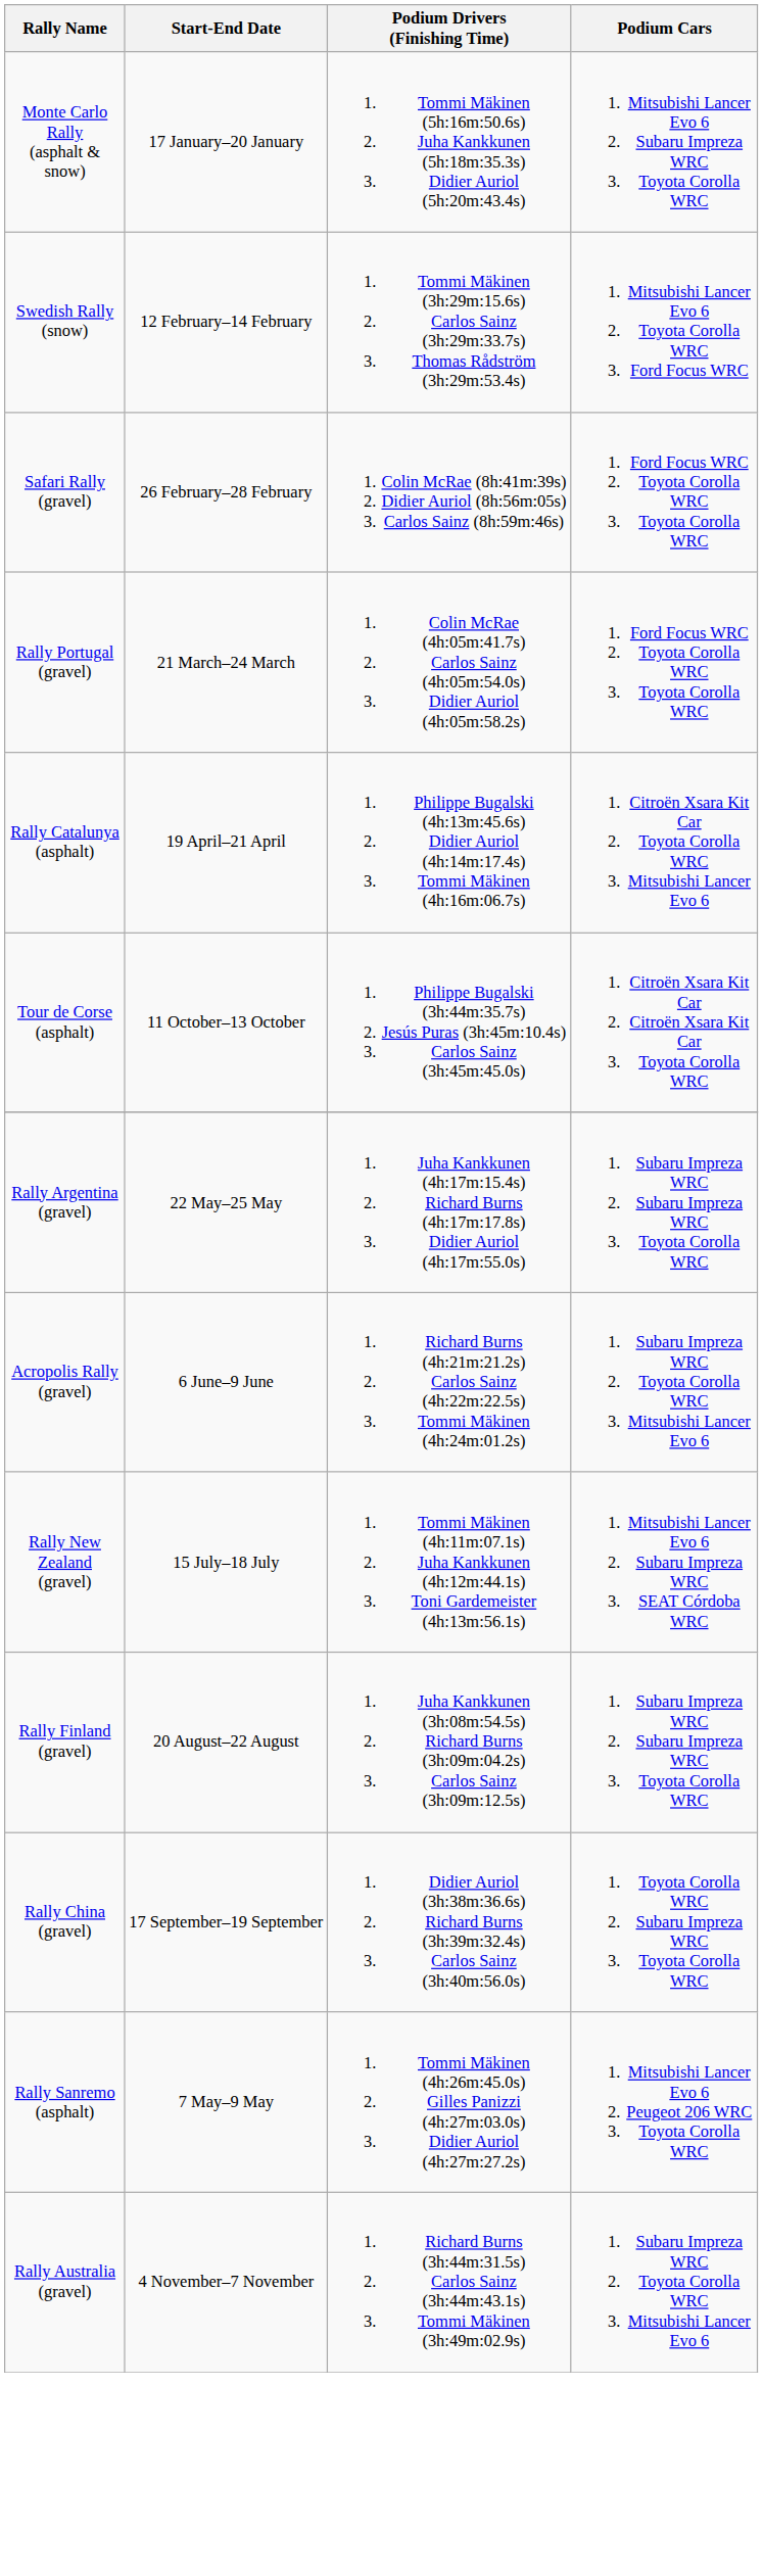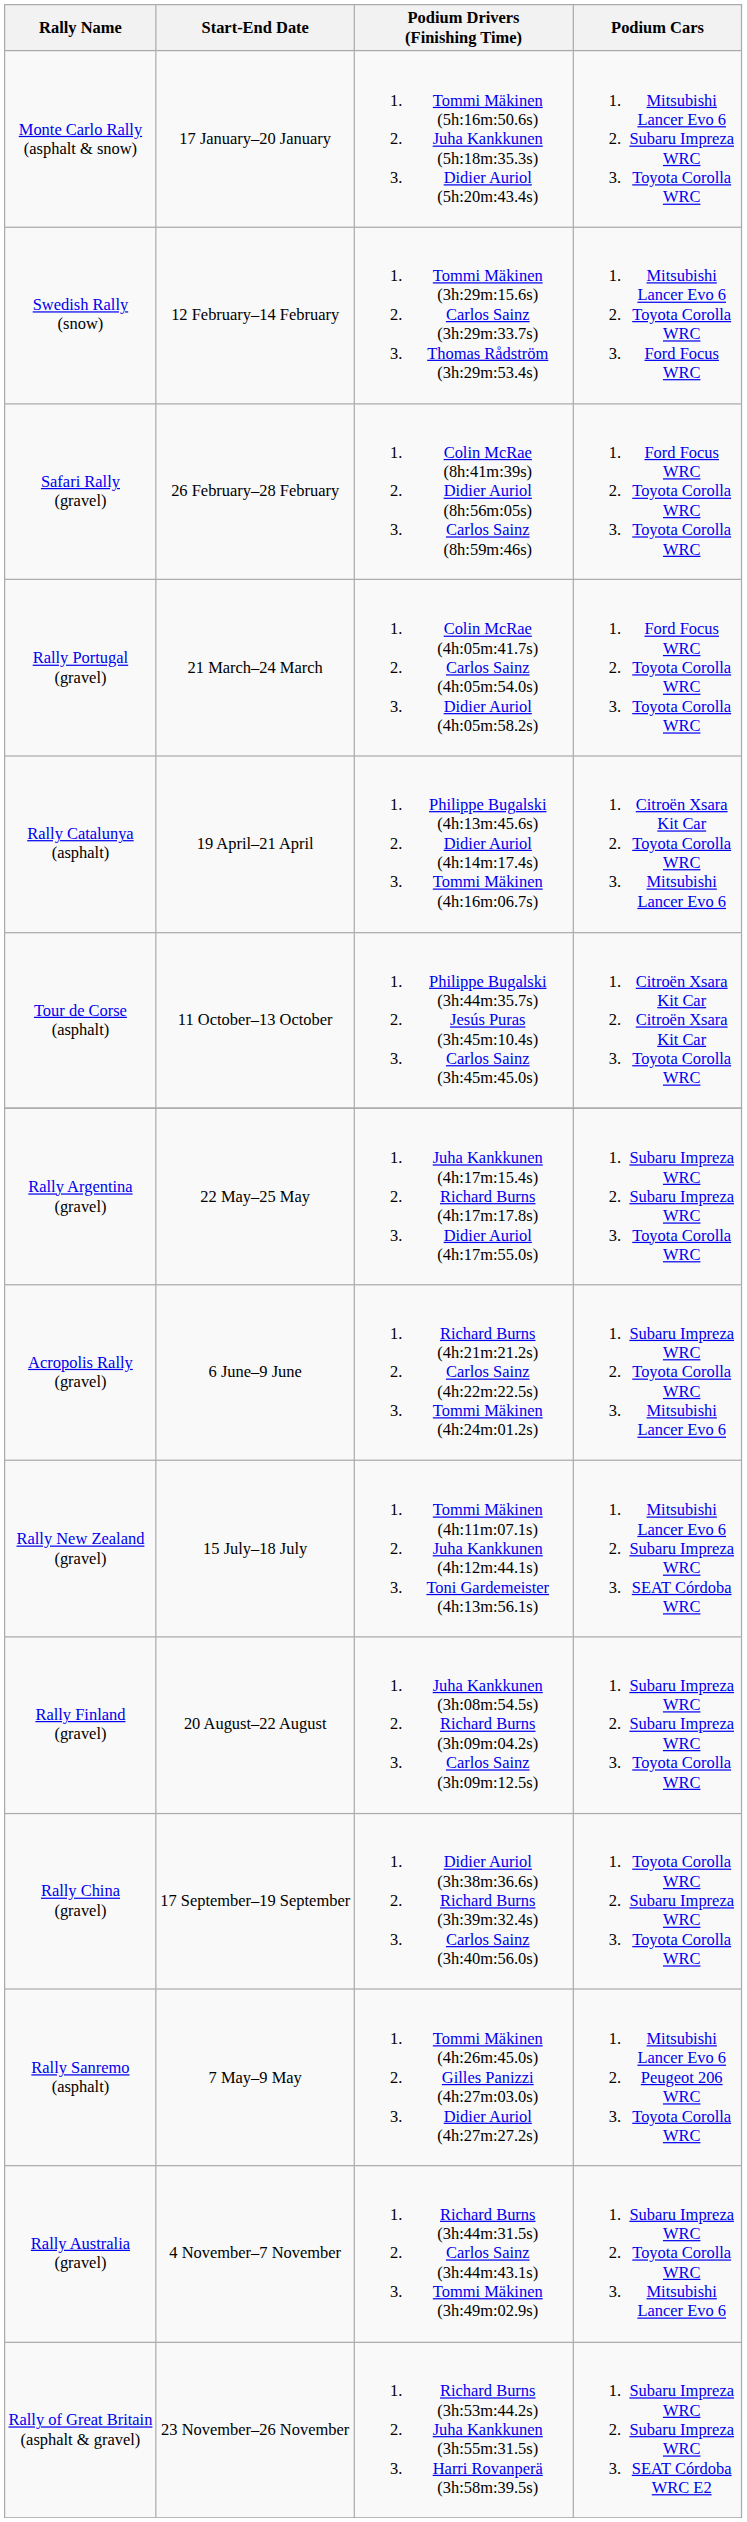 <table class="wikitable" style="font-size: 85%; text-align: center;">
 <tr style="background:#efefef;">
 <th colspan=1 width=20%>Rally Name</th>
 <th colspan=1 width=10%>Start-End Date</th>
 <th colspan=1 width=40%>Podium Drivers <br>(Finishing Time)</th>
 <th colspan=1 width=30%>Podium Cars</th>
 </tr>
 <tr>
 <td> <a href='#'>Monte Carlo Rally</a><br>(asphalt & snow)</td>
 <td>17 January–20 January</td>
 <td><br><ol><li> <a href='#'>Tommi Mäkinen</a> (5h:16m:50.6s)</li><li> <a href='#'>Juha Kankkunen</a> (5h:18m:35.3s)</li><li> <a href='#'>Didier Auriol</a> (5h:20m:43.4s)</li></ol></td>
 <td><br><ol><li><a href='#'>Mitsubishi Lancer Evo 6</a></li><li><a href='#'>Subaru Impreza WRC</a></li><li><a href='#'>Toyota Corolla WRC</a></li></ol></td>
 </tr>
 <tr>
 <td> <a href='#'>Swedish Rally</a><br>(snow)</td>
 <td>12 February–14 February</td>
 <td><br><ol><li> <a href='#'>Tommi Mäkinen</a> (3h:29m:15.6s)</li><li> <a href='#'>Carlos Sainz</a> (3h:29m:33.7s)</li><li> <a href='#'>Thomas Rådström</a> (3h:29m:53.4s)</li></ol></td>
 <td><br><ol><li><a href='#'>Mitsubishi Lancer Evo 6</a></li><li><a href='#'>Toyota Corolla WRC</a></li><li><a href='#'>Ford Focus WRC</a></li></ol></td>
 </tr>
 <tr>
 <td> <a href='#'>Safari Rally</a><br>(gravel)</td>
 <td>26 February–28 February</td>
 <td><br><ol><li> <a href='#'>Colin McRae</a> (8h:41m:39s)</li><li> <a href='#'>Didier Auriol</a> (8h:56m:05s)</li><li> <a href='#'>Carlos Sainz</a> (8h:59m:46s)</li></ol></td>
 <td><br><ol><li><a href='#'>Ford Focus WRC</a></li><li><a href='#'>Toyota Corolla WRC</a></li><li><a href='#'>Toyota Corolla WRC</a></li></ol></td>
 </tr>
 <tr>
 <td> <a href='#'>Rally Portugal</a><br>(gravel)</td>
 <td>21 March–24 March</td>
 <td><br><ol><li> <a href='#'>Colin McRae</a> (4h:05m:41.7s)</li><li> <a href='#'>Carlos Sainz</a> (4h:05m:54.0s)</li><li> <a href='#'>Didier Auriol</a> (4h:05m:58.2s)</li></ol></td>
 <td><br><ol><li><a href='#'>Ford Focus WRC</a></li><li><a href='#'>Toyota Corolla WRC</a></li><li><a href='#'>Toyota Corolla WRC</a></li></ol></td>
 </tr>
 <tr>
 <td> <a href='#'>Rally Catalunya</a><br>(asphalt)</td>
 <td>19 April–21 April</td>
 <td><br><ol><li> <a href='#'>Philippe Bugalski</a> (4h:13m:45.6s)</li><li> <a href='#'>Didier Auriol</a> (4h:14m:17.4s)</li><li> <a href='#'>Tommi Mäkinen</a> (4h:16m:06.7s)</li></ol></td>
 <td><br><ol><li><a href='#'>Citroën Xsara Kit Car</a></li><li><a href='#'>Toyota Corolla WRC</a></li><li><a href='#'>Mitsubishi Lancer Evo 6</a></li></ol></td>
 </tr>
 <tr>
 <td> <a href='#'>Tour de Corse</a><br>(asphalt)</td>
 <td>11 October–13 October</td>
 <td><br><ol><li> <a href='#'>Philippe Bugalski</a> (3h:44m:35.7s)</li><li> <a href='#'>Jesús Puras</a> (3h:45m:10.4s)</li><li> <a href='#'>Carlos Sainz</a> (3h:45m:45.0s)</li></ol></td>
 <td><br><ol><li><a href='#'>Citroën Xsara Kit Car</a></li><li><a href='#'>Citroën Xsara Kit Car</a></li><li><a href='#'>Toyota Corolla WRC</a></li></ol></td>
 </tr>
 <tr>
 </tr>
 <tr>
 <td> <a href='#'>Rally Argentina</a><br>(gravel)</td>
 <td>22 May–25 May</td>
 <td><br><ol><li> <a href='#'>Juha Kankkunen</a> (4h:17m:15.4s)</li><li> <a href='#'>Richard Burns</a> (4h:17m:17.8s)</li><li> <a href='#'>Didier Auriol</a> (4h:17m:55.0s)</li></ol></td>
 <td><br><ol><li><a href='#'>Subaru Impreza WRC</a></li><li><a href='#'>Subaru Impreza WRC</a></li><li><a href='#'>Toyota Corolla WRC</a></li></ol></td>
 </tr>
 <tr>
 <td> <a href='#'>Acropolis Rally</a><br>(gravel)</td>
 <td>6 June–9 June</td>
 <td><br><ol><li> <a href='#'>Richard Burns</a> (4h:21m:21.2s)</li><li> <a href='#'>Carlos Sainz</a> (4h:22m:22.5s)</li><li> <a href='#'>Tommi Mäkinen</a> (4h:24m:01.2s)</li></ol></td>
 <td><br><ol><li><a href='#'>Subaru Impreza WRC</a></li><li><a href='#'>Toyota Corolla WRC</a></li><li><a href='#'>Mitsubishi Lancer Evo 6</a></li></ol></td>
 </tr>
 <tr>
 <td> <a href='#'>Rally New Zealand</a><br>(gravel)</td>
 <td>15 July–18 July</td>
 <td><br><ol><li> <a href='#'>Tommi Mäkinen</a> (4h:11m:07.1s)</li><li> <a href='#'>Juha Kankkunen</a> (4h:12m:44.1s)</li><li> <a href='#'>Toni Gardemeister</a> (4h:13m:56.1s)</li></ol></td>
 <td><br><ol><li><a href='#'>Mitsubishi Lancer Evo 6</a></li><li><a href='#'>Subaru Impreza WRC</a></li><li><a href='#'>SEAT Córdoba WRC</a></li></ol></td>
 </tr>
 <tr>
 <td> <a href='#'>Rally Finland</a><br>(gravel)</td>
 <td>20 August–22 August</td>
 <td><br><ol><li> <a href='#'>Juha Kankkunen</a> (3h:08m:54.5s)</li><li> <a href='#'>Richard Burns</a> (3h:09m:04.2s)</li><li> <a href='#'>Carlos Sainz</a> (3h:09m:12.5s)</li></ol></td>
 <td><br><ol><li><a href='#'>Subaru Impreza WRC</a></li><li><a href='#'>Subaru Impreza WRC</a></li><li><a href='#'>Toyota Corolla WRC</a></li></ol></td>
 </tr>
 <tr>
 <td> <a href='#'>Rally China</a><br>(gravel)</td>
 <td nowrap>17 September–19 September</td>
 <td><br><ol><li> <a href='#'>Didier Auriol</a> (3h:38m:36.6s)</li><li> <a href='#'>Richard Burns</a> (3h:39m:32.4s)</li><li> <a href='#'>Carlos Sainz</a> (3h:40m:56.0s)</li></ol></td>
 <td><br><ol><li><a href='#'>Toyota Corolla WRC</a></li><li><a href='#'>Subaru Impreza WRC</a></li><li><a href='#'>Toyota Corolla WRC</a></li></ol></td>
 </tr>
 <tr>
 <td> <a href='#'>Rally Sanremo</a><br>(asphalt)</td>
 <td>7 May–9 May</td>
 <td><br><ol><li> <a href='#'>Tommi Mäkinen</a> (4h:26m:45.0s)</li><li> <a href='#'>Gilles Panizzi</a> (4h:27m:03.0s)</li><li> <a href='#'>Didier Auriol</a> (4h:27m:27.2s)</li></ol></td>
 <td><br><ol><li><a href='#'>Mitsubishi Lancer Evo 6</a></li><li><a href='#'>Peugeot 206 WRC</a></li><li><a href='#'>Toyota Corolla WRC</a></li></ol></td>
 </tr>
 <tr>
 <td> <a href='#'>Rally Australia</a><br>(gravel)</td>
 <td>4 November–7 November</td>
 <td><br><ol><li> <a href='#'>Richard Burns</a> (3h:44m:31.5s)</li><li> <a href='#'>Carlos Sainz</a> (3h:44m:43.1s)</li><li> <a href='#'>Tommi Mäkinen</a> (3h:49m:02.9s)</li></ol></td>
 <td><br><ol><li><a href='#'>Subaru Impreza WRC</a></li><li><a href='#'>Toyota Corolla WRC</a></li><li><a href='#'>Mitsubishi Lancer Evo 6</a></li></ol></td>
 </tr>
+<tr>
+<td nowrap> <a href='#'>Rally of Great Britain</a><br>(asphalt & gravel)</td>
+<td>23 November–26 November</td>
+<td><br><ol><li> <a href='#'>Richard Burns</a> (3h:53m:44.2s)</li><li> <a href='#'>Juha Kankkunen</a> (3h:55m:31.5s)</li><li> <a href='#'>Harri Rovanperä</a> (3h:58m:39.5s)</li></ol></td>
+<td><br><ol><li><a href='#'>Subaru Impreza WRC</a></li><li><a href='#'>Subaru Impreza WRC</a></li><li><a href='#'>SEAT Córdoba WRC E2</a></li></ol></td>
+</tr>
 </table>
